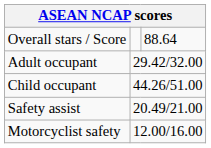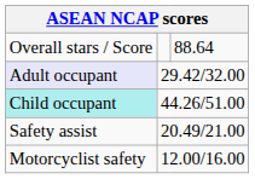 <table class="wikitable">
 <tr>
 <th colspan="3"><a href='#'>ASEAN NCAP</a> scores</th>
 </tr>
 <tr>
 <td>Overall stars / Score</td>
 <td></td>
 <td>88.64</td>
 </tr>
 <tr>
-<td>Adult occupant</td>
+<td style="background: lavender;">Adult occupant</td>
 <td colspan="2">29.42/32.00</td>
 </tr>
 <tr>
-<td>Child occupant</td>
+<td style="background: paleturquoise;">Child occupant</td>
 <td colspan="2">44.26/51.00</td>
 </tr>
 <tr>
 <td>Safety assist</td>
 <td colspan="2">20.49/21.00</td>
 </tr>
 <tr>
 <td>Motorcyclist safety</td>
 <td colspan="2">12.00/16.00</td>
 </tr>
 </table>
